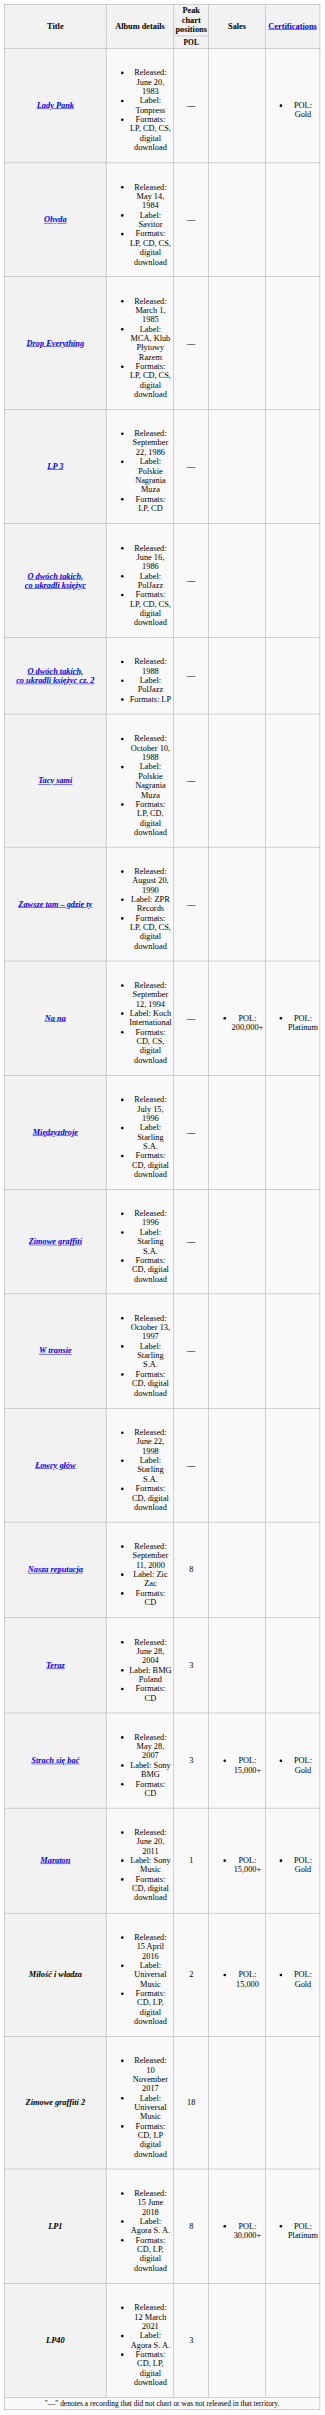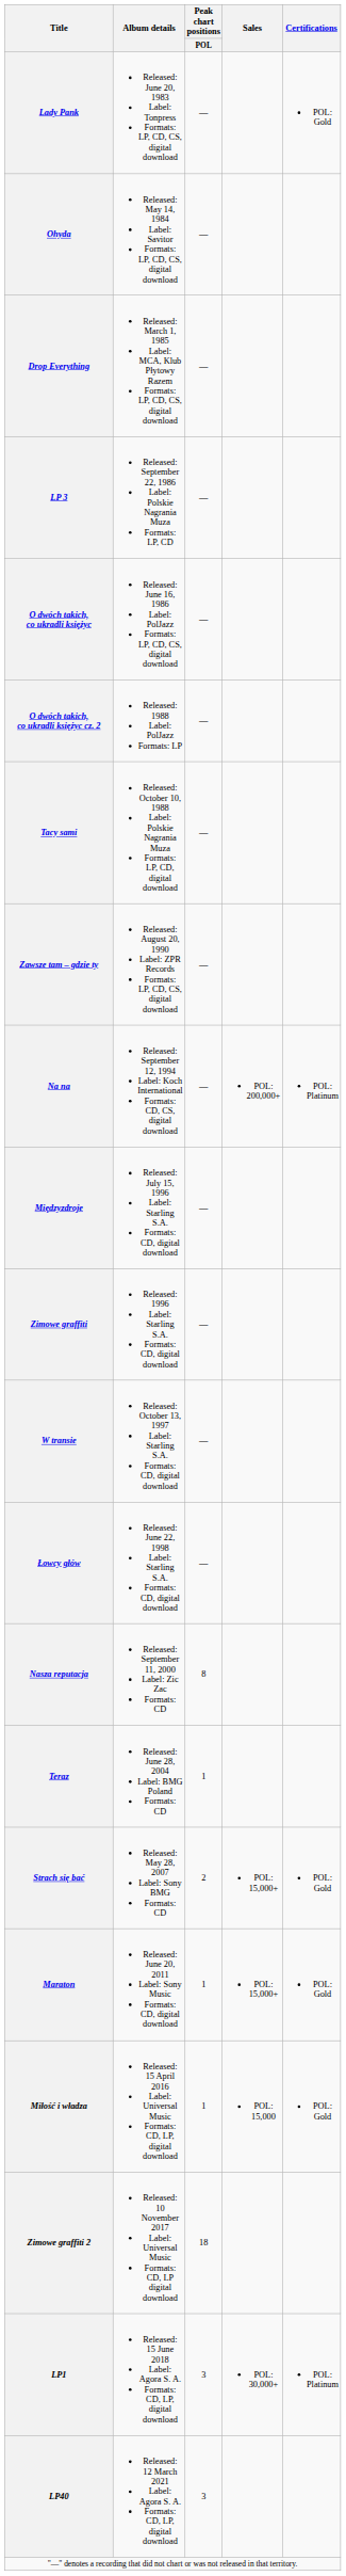 <table class="wikitable plainrowheaders" style="text-align:center;">
 <tr>
 <th scope="col" rowspan="2" style="width:15em;">Title</th>
 <th scope="col" rowspan="2">Album details</th>
 <th scope="col" colspan="1">Peak chart positions</th>
 <th scope="col" rowspan="2">Sales</th>
 <th scope="col" rowspan="2"><a href='#'>Certifications</a></th>
 </tr>
 <tr>
 <th scope="col" style="width:3em;font-size:90%;">POL<br></th>
 </tr>
 <tr>
 <th><em><a href='#'>Lady Pank</a></em></th>
 <td><br><ul><li>Released: June 20, 1983</li><li>Label: Tonpress</li><li>Formats: LP, CD, CS, digital download</li></ul></td>
 <td>—</td>
 <td></td>
 <td><br><ul><li>POL: Gold</li></ul></td>
 </tr>
 <tr>
 <th><em><a href='#'>Ohyda</a></em></th>
 <td><br><ul><li>Released: May 14, 1984</li><li>Label: Savitor</li><li>Formats: LP, CD, CS, digital download</li></ul></td>
 <td>—</td>
 <td></td>
 <td></td>
 </tr>
 <tr>
 <th><em><a href='#'>Drop Everything</a></em></th>
 <td><br><ul><li>Released: March 1, 1985</li><li>Label: MCA, Klub Płytowy Razem</li><li>Formats: LP, CD, CS, digital download</li></ul></td>
 <td>—</td>
 <td></td>
 <td></td>
 </tr>
 <tr>
 <th><em><a href='#'>LP 3</a></em></th>
 <td><br><ul><li>Released: September 22, 1986</li><li>Label: Polskie Nagrania Muza</li><li>Formats: LP, CD</li></ul></td>
 <td>—</td>
 <td></td>
 <td></td>
 </tr>
 <tr>
 <th><em><a href='#'>O dwóch takich,<br>co ukradli księżyc</a></em></th>
 <td><br><ul><li>Released: June 16, 1986</li><li>Label: PolJazz</li><li>Formats: LP, CD, CS, digital download</li></ul></td>
 <td>—</td>
 <td></td>
 <td></td>
 </tr>
 <tr>
 <th><em><a href='#'>O dwóch takich,<br>co ukradli księżyc cz. 2</a></em></th>
 <td><br><ul><li>Released: 1988</li><li>Label: PolJazz</li><li>Formats: LP</li></ul></td>
 <td>—</td>
 <td></td>
 <td></td>
 </tr>
 <tr>
 <th><em><a href='#'>Tacy sami</a></em></th>
 <td><br><ul><li>Released: October 10, 1988</li><li>Label: Polskie Nagrania Muza</li><li>Formats: LP, CD, digital download</li></ul></td>
 <td>—</td>
 <td></td>
 <td></td>
 </tr>
 <tr>
 <th><em><a href='#'>Zawsze tam – gdzie ty</a></em></th>
 <td><br><ul><li>Released: August 20, 1990</li><li>Label: ZPR Records</li><li>Formats: LP, CD, CS, digital download</li></ul></td>
 <td>—</td>
 <td></td>
 <td></td>
 </tr>
 <tr>
 <th><em><a href='#'>Na na</a></em></th>
 <td><br><ul><li>Released: September 12, 1994</li><li>Label: Koch International</li><li>Formats: CD, CS, digital download</li></ul></td>
 <td>—</td>
 <td><br><ul><li>POL: 200,000+</li></ul></td>
 <td><br><ul><li>POL: Platinum</li></ul></td>
 </tr>
 <tr>
 <th><em><a href='#'>Międzyzdroje</a></em></th>
 <td><br><ul><li>Released: July 15, 1996</li><li>Label: Starling S.A.</li><li>Formats: CD, digital download</li></ul></td>
 <td>—</td>
 <td></td>
 <td></td>
 </tr>
 <tr>
 <th><em><a href='#'>Zimowe graffiti</a></em></th>
 <td><br><ul><li>Released: 1996</li><li>Label: Starling S.A.</li><li>Formats: CD, digital download</li></ul></td>
 <td>—</td>
 <td></td>
 <td></td>
 </tr>
 <tr>
 <th><em><a href='#'>W transie</a></em></th>
 <td><br><ul><li>Released: October 13, 1997</li><li>Label: Starling S.A.</li><li>Formats: CD, digital download</li></ul></td>
 <td>—</td>
 <td></td>
 <td></td>
 </tr>
 <tr>
 <th><em><a href='#'>Łowcy głów</a></em></th>
 <td><br><ul><li>Released: June 22, 1998</li><li>Label: Starling S.A.</li><li>Formats: CD, digital download</li></ul></td>
 <td>—</td>
 <td></td>
 <td></td>
 </tr>
 <tr>
 <th><em><a href='#'>Nasza reputacja</a></em></th>
 <td><br><ul><li>Released: September 11, 2000</li><li>Label: Zic Zac</li><li>Formats: CD</li></ul></td>
 <td>8</td>
 <td></td>
 <td></td>
 </tr>
 <tr>
 <th><em><a href='#'>Teraz</a></em></th>
 <td><br><ul><li>Released: June 28, 2004</li><li>Label: BMG Poland</li><li>Formats: CD</li></ul></td>
-<td>3</td>
+<td>1</td>
 <td></td>
 <td></td>
 </tr>
 <tr>
 <th><em><a href='#'>Strach się bać</a></em></th>
 <td><br><ul><li>Released: May 28, 2007</li><li>Label: Sony BMG</li><li>Formats: CD</li></ul></td>
-<td>3</td>
+<td>2</td>
 <td><br><ul><li>POL: 15,000+</li></ul></td>
 <td><br><ul><li>POL: Gold</li></ul></td>
 </tr>
 <tr>
 <th><em><a href='#'>Maraton</a></em></th>
 <td><br><ul><li>Released: June 20, 2011</li><li>Label: Sony Music</li><li>Formats: CD, digital download</li></ul></td>
 <td>1</td>
 <td><br><ul><li>POL: 15,000+</li></ul></td>
 <td><br><ul><li>POL: Gold</li></ul></td>
 </tr>
 <tr>
 <th><em>Miłość i władza</em></th>
 <td><br><ul><li>Released: 15 April 2016</li><li>Label: Universal Music</li><li>Formats: CD, LP, digital download</li></ul></td>
-<td>2</td>
+<td>1</td>
 <td><br><ul><li>POL: 15,000</li></ul></td>
 <td><br><ul><li>POL: Gold</li></ul></td>
 </tr>
 <tr>
 <th><em>Zimowe graffiti 2</em></th>
 <td><br><ul><li>Released: 10 November 2017</li><li>Label: Universal Music</li><li>Formats: CD, LP digital download</li></ul></td>
 <td>18</td>
 <td></td>
 <td></td>
 </tr>
 <tr>
 <th><em>LP1</em></th>
 <td><br><ul><li>Released: 15 June 2018</li><li>Label: Agora S. A.</li><li>Formats: CD, LP, digital download</li></ul></td>
-<td>8</td>
+<td>3</td>
 <td><br><ul><li>POL: 30,000+</li></ul></td>
 <td><br><ul><li>POL: Platinum</li></ul></td>
 </tr>
 <tr>
 <th><em>LP40</em></th>
 <td><br><ul><li>Released: 12 March 2021</li><li>Label: Agora S. A.</li><li>Formats: CD, LP, digital download</li></ul></td>
 <td>3</td>
 <td></td>
 <td></td>
 </tr>
 <tr>
 <td colspan="20" style="font-size:90%">"—" denotes a recording that did not chart or was not released in that territory.</td>
 </tr>
 </table>
